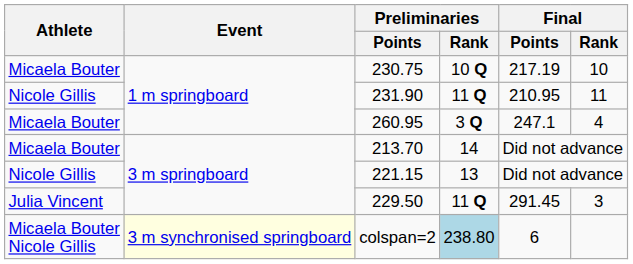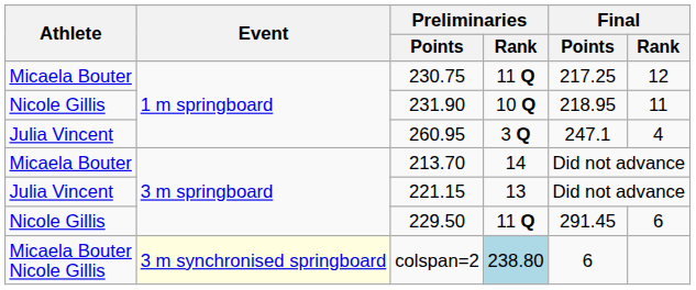 <table class="wikitable" style="font-size:90%">
 <tr>
 <th rowspan=2>Athlete</th>
 <th rowspan=2>Event</th>
 <th colspan=2>Preliminaries</th>
 <th colspan=2>Final</th>
 </tr>
 <tr style="font-size:95%">
 <th>Points</th>
 <th>Rank</th>
 <th>Points</th>
 <th>Rank</th>
 </tr>
 <tr align=center>
 <td align=left><a href='#'>Micaela Bouter</a></td>
 <td align=left rowspan=3><a href='#'>1 m springboard</a></td>
 <td>230.75</td>
-<td>10 <strong>Q</strong></td>
-<td>217.19</td>
-<td>10</td>
+<td>11 <strong>Q</strong></td>
+<td>217.25</td>
+<td>12</td>
 </tr>
 <tr align=center>
 <td align=left><a href='#'>Nicole Gillis</a></td>
 <td>231.90</td>
-<td>11 <strong>Q</strong></td>
-<td>210.95</td>
+<td>10 <strong>Q</strong></td>
+<td>218.95</td>
 <td>11</td>
 </tr>
 <tr align=center>
-<td align=left><a href='#'>Micaela Bouter</a></td>
+<td align=left><a href='#'>Julia Vincent</a></td>
 <td>260.95</td>
 <td>3 <strong>Q</strong></td>
 <td>247.1</td>
 <td>4</td>
 </tr>
 <tr align=center>
 <td align=left><a href='#'>Micaela Bouter</a></td>
 <td align=left rowspan=3><a href='#'>3 m springboard</a></td>
 <td>213.70</td>
 <td>14</td>
 <td colspan=2>Did not advance</td>
 </tr>
 <tr align=center>
-<td align=left><a href='#'>Nicole Gillis</a></td>
+<td align=left><a href='#'>Julia Vincent</a></td>
 <td>221.15</td>
 <td>13</td>
 <td colspan=2>Did not advance</td>
 </tr>
 <tr align=center>
-<td align=left><a href='#'>Julia Vincent</a></td>
+<td align=left><a href='#'>Nicole Gillis</a></td>
 <td>229.50</td>
 <td>11 <strong>Q</strong></td>
 <td>291.45</td>
-<td>3</td>
+<td>6</td>
 </tr>
 <tr align=center>
 <td align=left><a href='#'>Micaela Bouter</a><br><a href='#'>Nicole Gillis</a></td>
 <td align=left style="background: lightyellow;"><a href='#'>3 m synchronised springboard</a></td>
 <td>colspan=2 </td>
 <td style="background: lightblue;">238.80</td>
 <td>6</td>
 </tr>
 </table>
